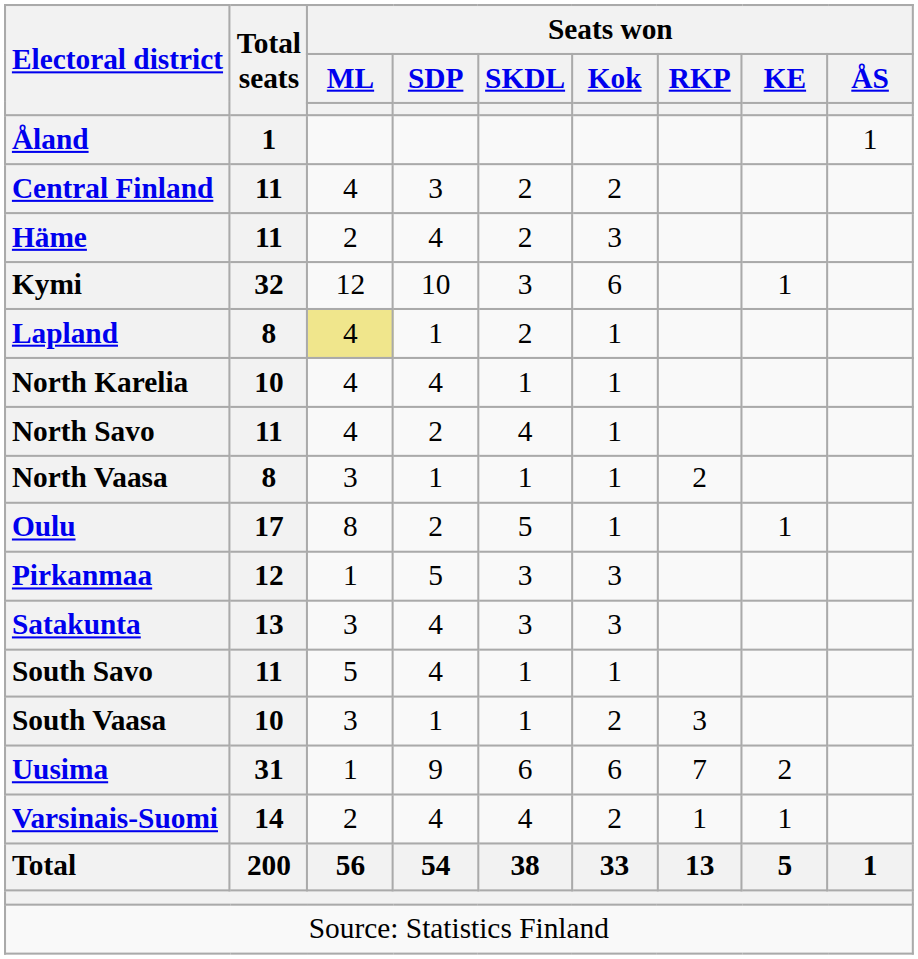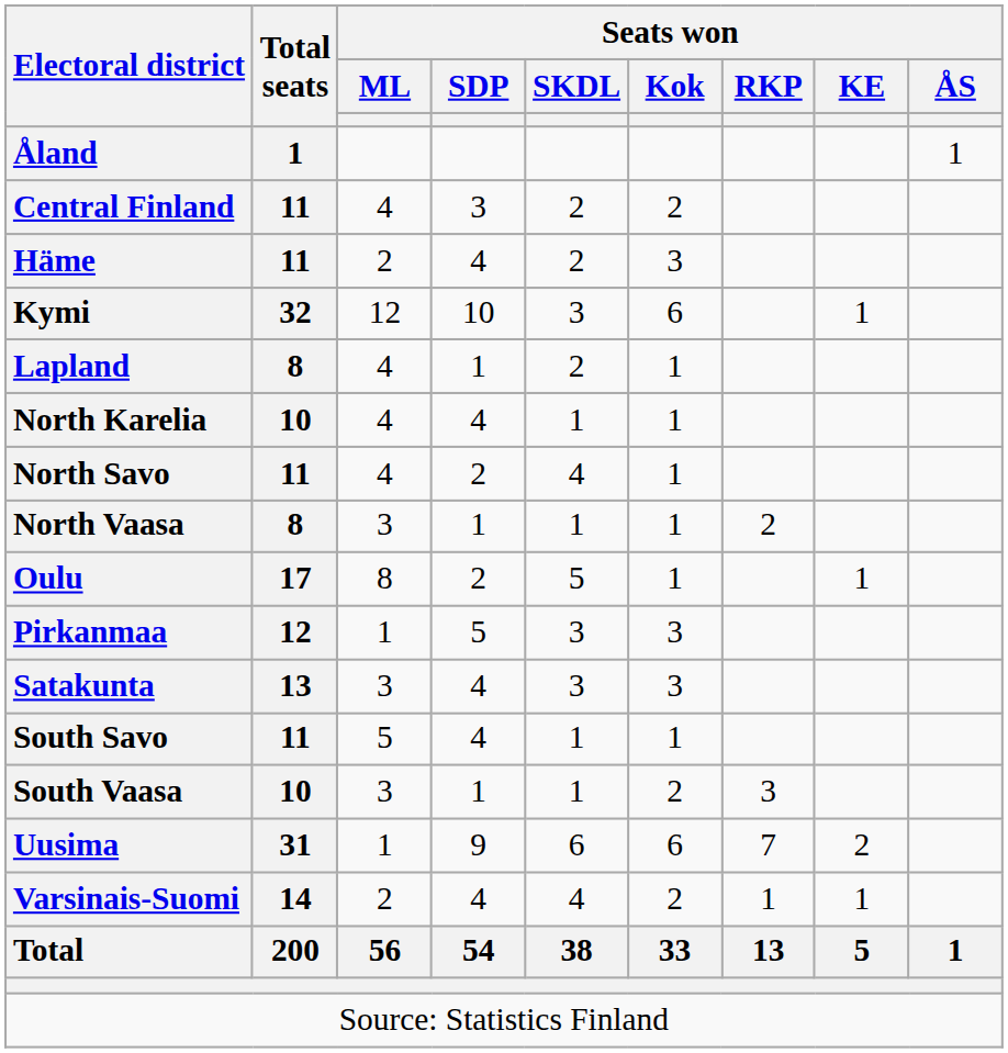 <table class="wikitable" style="text-align:center; font-size: 0.9em;">
 <tr>
 <th rowspan="3"><a href='#'>Electoral district</a></th>
 <th rowspan="3">Total<br>seats</th>
 <th colspan="7">Seats won</th>
 </tr>
 <tr>
 <th class="unsortable" style="width:35px;"><a href='#'>ML</a></th>
 <th class="unsortable" style="width:35px;"><a href='#'>SDP</a></th>
 <th class="unsortable" style="width:35px;"><a href='#'>SKDL</a></th>
 <th class="unsortable" style="width:35px;"><a href='#'>Kok</a></th>
 <th class="unsortable" style="width:35px;"><a href='#'>RKP</a></th>
 <th class="unsortable" style="width:35px;"><a href='#'>KE</a></th>
 <th class="unsortable" style="width:35px;"><a href='#'>ÅS</a></th>
 </tr>
 <tr>
 <th style="background:"></th>
 <th style="background:"></th>
 <th style="background:"></th>
 <th style="background:"></th>
 <th style="background:"></th>
 <th style="background:"></th>
 <th style="background:"></th>
 </tr>
 <tr>
 <th style="text-align: left;"><a href='#'>Åland</a></th>
 <th>1</th>
 <td></td>
 <td></td>
 <td></td>
 <td></td>
 <td></td>
 <td></td>
 <td>1</td>
 </tr>
 <tr>
 <th style="text-align: left;"><a href='#'>Central Finland</a></th>
 <th>11</th>
 <td>4</td>
 <td>3</td>
 <td>2</td>
 <td>2</td>
 <td></td>
 <td></td>
 <td></td>
 </tr>
 <tr>
 <th style="text-align: left;"><a href='#'>Häme</a></th>
 <th>11</th>
 <td>2</td>
 <td>4</td>
 <td>2</td>
 <td>3</td>
 <td></td>
 <td></td>
 <td></td>
 </tr>
 <tr>
 <th style="text-align: left;">Kymi</th>
 <th>32</th>
 <td>12</td>
 <td>10</td>
 <td>3</td>
 <td>6</td>
 <td></td>
 <td>1</td>
 <td></td>
 </tr>
 <tr>
 <th style="text-align: left;"><a href='#'>Lapland</a></th>
 <th>8</th>
-<td style="background: khaki;">4</td>
+<td>4</td>
 <td>1</td>
 <td>2</td>
 <td>1</td>
 <td></td>
 <td></td>
 <td></td>
 </tr>
 <tr>
 <th style="text-align: left;">North Karelia</th>
 <th>10</th>
 <td>4</td>
 <td>4</td>
 <td>1</td>
 <td>1</td>
 <td></td>
 <td></td>
 <td></td>
 </tr>
 <tr>
 <th style="text-align: left;">North Savo</th>
 <th>11</th>
 <td>4</td>
 <td>2</td>
 <td>4</td>
 <td>1</td>
 <td></td>
 <td></td>
 <td></td>
 </tr>
 <tr>
 <th style="text-align: left;">North Vaasa</th>
 <th>8</th>
 <td>3</td>
 <td>1</td>
 <td>1</td>
 <td>1</td>
 <td>2</td>
 <td></td>
 <td></td>
 </tr>
 <tr>
 <th style="text-align: left;"><a href='#'>Oulu</a></th>
 <th>17</th>
 <td>8</td>
 <td>2</td>
 <td>5</td>
 <td>1</td>
 <td></td>
 <td>1</td>
 <td></td>
 </tr>
 <tr>
 <th style="text-align: left;"><a href='#'>Pirkanmaa</a></th>
 <th>12</th>
 <td>1</td>
 <td>5</td>
 <td>3</td>
 <td>3</td>
 <td></td>
 <td></td>
 <td></td>
 </tr>
 <tr>
 <th style="text-align: left;"><a href='#'>Satakunta</a></th>
 <th>13</th>
 <td>3</td>
 <td>4</td>
 <td>3</td>
 <td>3</td>
 <td></td>
 <td></td>
 <td></td>
 </tr>
 <tr>
 <th style="text-align: left;">South Savo</th>
 <th>11</th>
 <td>5</td>
 <td>4</td>
 <td>1</td>
 <td>1</td>
 <td></td>
 <td></td>
 <td></td>
 </tr>
 <tr>
 <th style="text-align: left;">South Vaasa</th>
 <th>10</th>
 <td>3</td>
 <td>1</td>
 <td>1</td>
 <td>2</td>
 <td>3</td>
 <td></td>
 <td></td>
 </tr>
 <tr>
 <th style="text-align: left;"><a href='#'>Uusima</a></th>
 <th>31</th>
 <td>1</td>
 <td>9</td>
 <td>6</td>
 <td>6</td>
 <td>7</td>
 <td>2</td>
 <td></td>
 </tr>
 <tr>
 <th style="text-align: left;"><a href='#'>Varsinais-Suomi</a></th>
 <th>14</th>
 <td>2</td>
 <td>4</td>
 <td>4</td>
 <td>2</td>
 <td>1</td>
 <td>1</td>
 <td></td>
 </tr>
 <tr class="sortbottom">
 <th style="text-align: left;">Total</th>
 <th>200</th>
 <th>56</th>
 <th>54</th>
 <th>38</th>
 <th>33</th>
 <th>13</th>
 <th>5</th>
 <th>1</th>
 </tr>
 <tr>
 <th colspan="9"></th>
 </tr>
 <tr>
 <td colspan="9">Source: Statistics Finland</td>
 </tr>
 </table>
